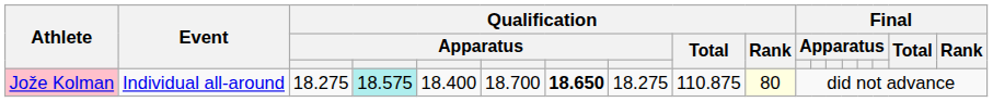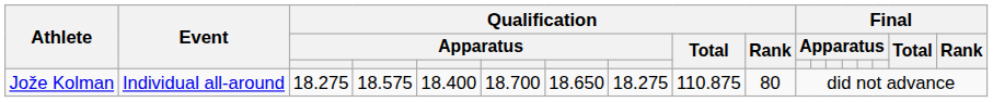 <table class="wikitable" style="font-size:90%">
 <tr>
 <th rowspan=3>Athlete</th>
 <th rowspan=3>Event</th>
 <th colspan =8>Qualification</th>
 <th colspan =8>Final</th>
 </tr>
 <tr style="font-size:95%">
 <th colspan=6>Apparatus</th>
 <th rowspan=2>Total</th>
 <th rowspan=2>Rank</th>
 <th colspan=6>Apparatus</th>
 <th rowspan=2>Total</th>
 <th rowspan=2>Rank</th>
 </tr>
 <tr style="font-size:95%">
 <th></th>
 <th></th>
 <th></th>
 <th></th>
 <th></th>
 <th></th>
 <th></th>
 <th></th>
 <th></th>
 <th></th>
 <th></th>
 <th></th>
 </tr>
 <tr align=center>
-<td align=left style="background: pink;"><a href='#'>Jože Kolman</a></td>
+<td align=left><a href='#'>Jože Kolman</a></td>
 <td align=left><a href='#'>Individual all-around</a></td>
 <td>18.275</td>
-<td style="background: paleturquoise;">18.575</td>
+<td>18.575</td>
 <td>18.400</td>
 <td>18.700</td>
-<td><strong>18.650</strong></td>
+<td>18.650</td>
 <td>18.275</td>
 <td>110.875</td>
-<td style="background: lightyellow;">80</td>
+<td>80</td>
 <td colspan=8>did not advance</td>
 </tr>
 </table>
